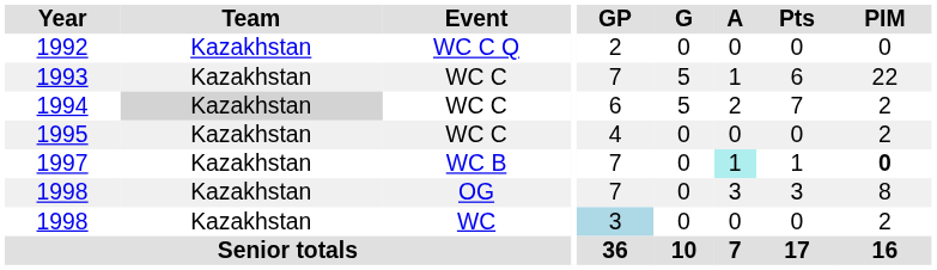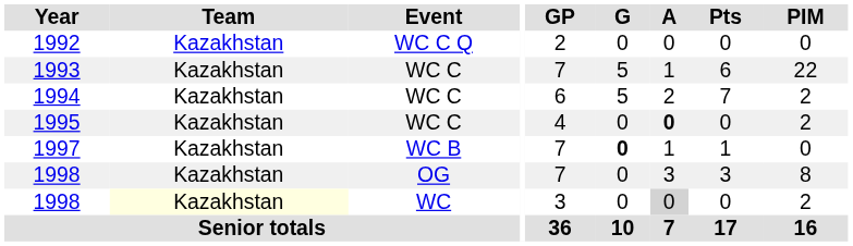 <table border="0" cellpadding="1" cellspacing="0" style="text-align:center; width:40em">
 <tr bgcolor="#e0e0e0">
 <th>Year</th>
 <th>Team</th>
 <th>Event</th>
 <th rowspan="99" bgcolor="#ffffff"></th>
 <th>GP</th>
 <th>G</th>
 <th>A</th>
 <th>Pts</th>
 <th>PIM</th>
 </tr>
 <tr>
 <td><a href='#'>1992</a></td>
 <td><a href='#'>Kazakhstan</a></td>
 <td><a href='#'>WC C Q</a></td>
 <td>2</td>
 <td>0</td>
 <td>0</td>
 <td>0</td>
 <td>0</td>
 </tr>
 <tr bgcolor="#f0f0f0">
 <td><a href='#'>1993</a></td>
 <td>Kazakhstan</td>
 <td>WC C</td>
 <td>7</td>
 <td>5</td>
 <td>1</td>
 <td>6</td>
 <td>22</td>
 </tr>
 <tr>
 <td><a href='#'>1994</a></td>
-<td style="background: lightgrey;">Kazakhstan</td>
+<td>Kazakhstan</td>
 <td>WC C</td>
 <td>6</td>
 <td>5</td>
 <td>2</td>
 <td>7</td>
 <td>2</td>
 </tr>
 <tr bgcolor="#f0f0f0">
 <td><a href='#'>1995</a></td>
 <td>Kazakhstan</td>
 <td>WC C</td>
 <td>4</td>
 <td>0</td>
-<td>0</td>
+<td><strong>0</strong></td>
 <td>0</td>
 <td>2</td>
 </tr>
 <tr>
 <td><a href='#'>1997</a></td>
 <td>Kazakhstan</td>
 <td><a href='#'>WC B</a></td>
 <td>7</td>
+<td><strong>0</strong></td>
+<td>1</td>
+<td>1</td>
 <td>0</td>
-<td style="background: paleturquoise;">1</td>
-<td>1</td>
-<td><strong>0</strong></td>
 </tr>
 <tr bgcolor="#f0f0f0">
 <td><a href='#'>1998</a></td>
 <td>Kazakhstan</td>
 <td><a href='#'>OG</a></td>
 <td>7</td>
 <td>0</td>
 <td>3</td>
 <td>3</td>
 <td>8</td>
 </tr>
 <tr>
 <td><a href='#'>1998</a></td>
-<td>Kazakhstan</td>
+<td style="background: lightyellow;">Kazakhstan</td>
 <td><a href='#'>WC</a></td>
-<td style="background: lightblue;">3</td>
+<td>3</td>
 <td>0</td>
-<td>0</td>
+<td style="background: lightgrey;">0</td>
 <td>0</td>
 <td>2</td>
 </tr>
 <tr bgcolor="#e0e0e0">
 <th colspan="3">Senior totals</th>
 <th>36</th>
 <th>10</th>
 <th>7</th>
 <th>17</th>
 <th>16</th>
 </tr>
 </table>
